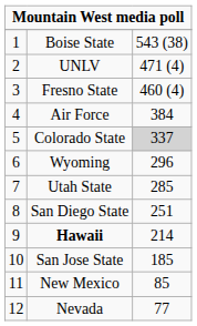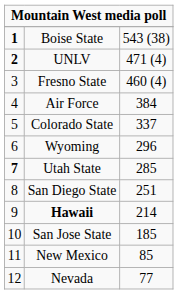 <table class="wikitable" style="display: inline-table;">
 <tr>
 <td align="center" Colspan="3"><strong>Mountain West media poll</strong></td>
 </tr>
 <tr align="center">
 </tr>
 <tr align="center">
-<td>1</td>
+<td><strong>1</strong></td>
 <td>Boise State</td>
 <td>543 (38)</td>
 </tr>
 <tr align="center">
-<td>2</td>
+<td><strong>2</strong></td>
 <td>UNLV</td>
 <td>471 (4)</td>
 </tr>
 <tr align="center">
 <td>3</td>
 <td>Fresno State</td>
 <td>460 (4)</td>
 </tr>
 <tr align="center">
 <td>4</td>
 <td>Air Force</td>
 <td>384</td>
 </tr>
 <tr align="center">
 <td>5</td>
 <td>Colorado State</td>
-<td style="background: lightgrey;">337</td>
+<td>337</td>
 </tr>
 <tr align="center">
 <td>6</td>
 <td>Wyoming</td>
 <td>296</td>
 </tr>
 <tr align="center">
-<td>7</td>
+<td><strong>7</strong></td>
 <td>Utah State</td>
 <td>285</td>
 </tr>
 <tr align="center">
 <td>8</td>
 <td>San Diego State</td>
 <td>251</td>
 </tr>
 <tr align="center">
 <td>9</td>
 <td><strong>Hawaii</strong></td>
 <td>214</td>
 </tr>
 <tr align="center">
 <td>10</td>
 <td>San Jose State</td>
 <td>185</td>
 </tr>
 <tr align="center">
 <td>11</td>
 <td>New Mexico</td>
 <td>85</td>
 </tr>
 <tr align="center">
 <td>12</td>
 <td>Nevada</td>
 <td>77</td>
 </tr>
 </table>
